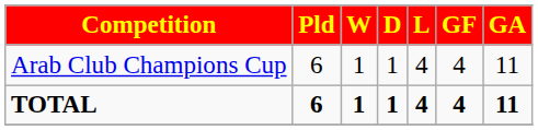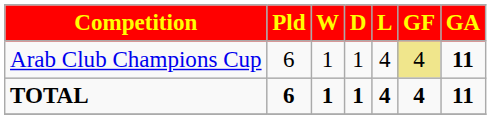 <table class="wikitable">
 <tr>
 <th style="color:#FFFF00; background: #FF0000;">Competition</th>
 <th style="color:#FFFF00; background: #FF0000;">Pld</th>
 <th style="color:#FFFF00; background: #FF0000;">W</th>
 <th style="color:#FFFF00; background: #FF0000;">D</th>
 <th style="color:#FFFF00; background: #FF0000;">L</th>
 <th style="color:#FFFF00; background: #FF0000;">GF</th>
 <th style="color:#FFFF00; background: #FF0000;">GA</th>
 </tr>
 <tr>
 <td><a href='#'>Arab Club Champions Cup</a></td>
 <td style="text-align:center;">6</td>
 <td style="text-align:center;">1</td>
 <td style="text-align:center;">1</td>
 <td style="text-align:center;">4</td>
-<td style="text-align:center;">4</td>
-<td style="text-align:center;">11</td>
+<td style="background: khaki; text-align:center;">4</td>
+<td style="text-align:center;"><strong>11</strong></td>
 </tr>
 <tr>
 <td><strong>TOTAL</strong></td>
 <td style="text-align:center;"><strong>6</strong></td>
 <td style="text-align:center;"><strong>1</strong></td>
 <td style="text-align:center;"><strong>1</strong></td>
 <td style="text-align:center;"><strong>4</strong></td>
 <td style="text-align:center;"><strong>4</strong></td>
 <td style="text-align:center;"><strong>11</strong></td>
 </tr>
 <tr>
 </tr>
 </table>
